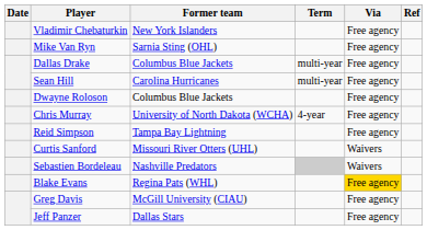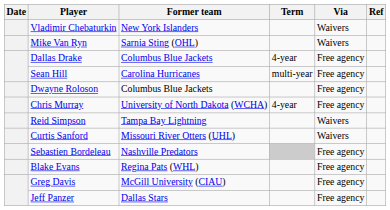 <table class="wikitable plainrowheaders">
 <tr style="background:#ddd; text-align:center;">
 <th>Date</th>
 <th>Player</th>
 <th>Former team</th>
 <th>Term</th>
 <th>Via</th>
 <th>Ref</th>
 </tr>
 <tr>
 <th scope="row"></th>
 <td><a href='#'>Vladimir Chebaturkin</a></td>
 <td><a href='#'>New York Islanders</a></td>
 <td></td>
-<td>Free agency</td>
+<td>Waivers</td>
 <td></td>
 </tr>
 <tr>
 <th scope="row"></th>
 <td><a href='#'>Mike Van Ryn</a></td>
 <td><a href='#'>Sarnia Sting</a> (<a href='#'>OHL</a>)</td>
 <td></td>
-<td>Free agency</td>
+<td>Waivers</td>
 <td></td>
 </tr>
 <tr>
 <th scope="row" rowspan=2></th>
 <td><a href='#'>Dallas Drake</a></td>
 <td><a href='#'>Columbus Blue Jackets</a></td>
-<td>multi-year</td>
+<td>4-year</td>
 <td>Free agency</td>
 <td></td>
 </tr>
 <tr>
 <td><a href='#'>Sean Hill</a></td>
 <td><a href='#'>Carolina Hurricanes</a></td>
 <td>multi-year</td>
 <td>Free agency</td>
 <td></td>
 </tr>
 <tr>
 <th scope="row"></th>
 <td><a href='#'>Dwayne Roloson</a></td>
 <td>Columbus Blue Jackets</td>
 <td></td>
 <td>Free agency</td>
 <td></td>
 </tr>
 <tr>
 <th scope="row"></th>
 <td><a href='#'>Chris Murray</a></td>
 <td><a href='#'>University of North Dakota</a> (<a href='#'>WCHA</a>)</td>
 <td>4-year</td>
 <td>Free agency</td>
 <td></td>
 </tr>
 <tr>
 <th scope="row"></th>
 <td><a href='#'>Reid Simpson</a></td>
 <td><a href='#'>Tampa Bay Lightning</a></td>
 <td></td>
-<td>Free agency</td>
+<td>Waivers</td>
 <td></td>
 </tr>
 <tr>
 <th scope="row"></th>
 <td><a href='#'>Curtis Sanford</a></td>
 <td><a href='#'>Missouri River Otters</a> (<a href='#'>UHL</a>)</td>
 <td></td>
 <td>Waivers</td>
 <td></td>
 </tr>
 <tr>
 <th scope="row"></th>
 <td><a href='#'>Sebastien Bordeleau</a></td>
 <td><a href='#'>Nashville Predators</a></td>
 <td style="background:#ccc"></td>
-<td>Waivers</td>
+<td>Free agency</td>
 <td></td>
 </tr>
 <tr>
 <th scope="row"></th>
 <td><a href='#'>Blake Evans</a></td>
 <td><a href='#'>Regina Pats</a> (<a href='#'>WHL</a>)</td>
 <td></td>
-<td style="background: gold;">Free agency</td>
+<td>Free agency</td>
 <td></td>
 </tr>
 <tr>
 <th scope="row" rowspan=2></th>
 <td><a href='#'>Greg Davis</a></td>
 <td><a href='#'>McGill University</a> (<a href='#'>CIAU</a>)</td>
 <td></td>
 <td>Free agency</td>
 <td></td>
 </tr>
 <tr>
 <td><a href='#'>Jeff Panzer</a></td>
 <td><a href='#'>Dallas Stars</a></td>
 <td></td>
 <td>Free agency</td>
 <td></td>
 </tr>
 </table>
